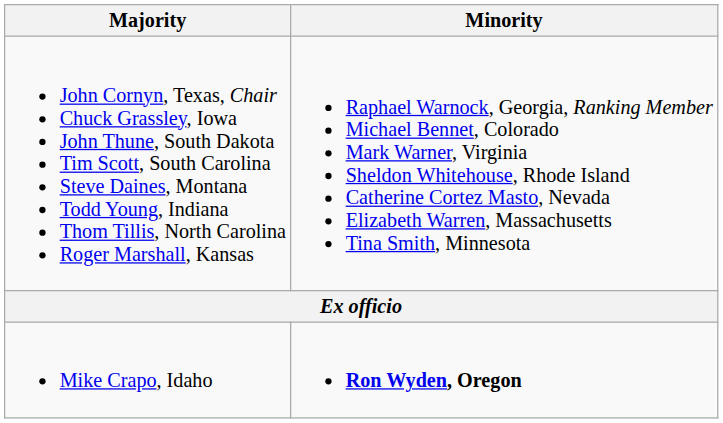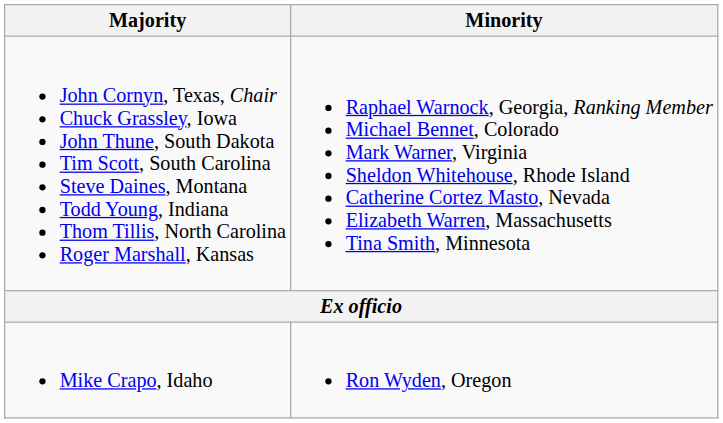 <table class=wikitable>
 <tr>
 <th>Majority</th>
 <th>Minority</th>
 </tr>
 <tr>
 <td><br><ul><li><a href='#'>John Cornyn</a>, Texas, <em>Chair</em></li><li><a href='#'>Chuck Grassley</a>, Iowa</li><li><a href='#'>John Thune</a>, South Dakota</li><li><a href='#'>Tim Scott</a>, South Carolina</li><li><a href='#'>Steve Daines</a>, Montana</li><li><a href='#'>Todd Young</a>, Indiana</li><li><a href='#'>Thom Tillis</a>, North Carolina</li><li><a href='#'>Roger Marshall</a>, Kansas</li></ul></td>
 <td><br><ul><li><a href='#'>Raphael Warnock</a>, Georgia, <em>Ranking Member</em></li><li><a href='#'>Michael Bennet</a>, Colorado</li><li><a href='#'>Mark Warner</a>, Virginia</li><li><a href='#'>Sheldon Whitehouse</a>, Rhode Island</li><li><a href='#'>Catherine Cortez Masto</a>, Nevada</li><li><a href='#'>Elizabeth Warren</a>, Massachusetts</li><li><a href='#'>Tina Smith</a>, Minnesota</li></ul></td>
 </tr>
 <tr>
 <th colspan=2><em>Ex officio</em></th>
 </tr>
 <tr>
 <td><br><ul><li><a href='#'>Mike Crapo</a>, Idaho</li></ul></td>
-<td><strong><br><ul><li><a href='#'>Ron Wyden</a>, Oregon</li></ul></strong></td>
+<td><br><ul><li><a href='#'>Ron Wyden</a>, Oregon</li></ul></td>
 </tr>
 </table>
